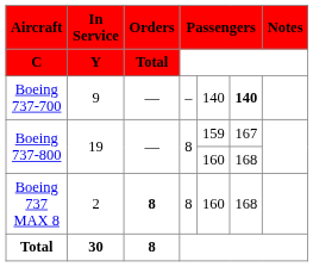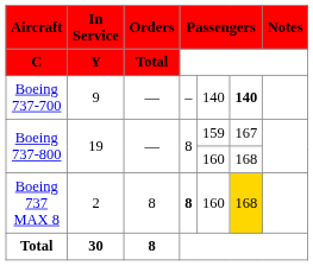 <table class="toccolours" border="1" cellpadding="5" style="border-collapse:collapse;text-align:center;margin:auto;">
 <tr style="background:red">
 <th rowspan="2"><span>Aircraft</span></th>
 <th rowspan="2" style="width:50px;"><span>In Service</span></th>
 <th rowspan="2" style="width:40px;"><span>Orders</span></th>
 <th colspan="3"><span>Passengers  </span></th>
 <th rowspan="2"><span>Notes</span></th>
 </tr>
 <tr>
 </tr>
 <tr bgcolor=red>
 <th style="width:20px;"><abbr><span>C</span></abbr></th>
 <th style="width:20px;"><abbr><span>Y</span></abbr></th>
 <th style="width:25px;"><abbr><span>Total</span></abbr></th>
 </tr>
 <tr>
 <td><a href='#'>Boeing 737-700</a></td>
 <td>9</td>
 <td>—</td>
 <td>–</td>
 <td>140</td>
 <td><strong>140</strong></td>
 <td></td>
 </tr>
 <tr>
 <td rowspan="2"><a href='#'>Boeing 737-800</a></td>
 <td rowspan="2">19</td>
 <td rowspan="2">—</td>
 <td rowspan="2">8</td>
 <td>159</td>
 <td>167</td>
 <td rowspan="2"></td>
 </tr>
 <tr>
 <td>160</td>
 <td>168</td>
 </tr>
 <tr>
 <td><a href='#'>Boeing 737 MAX 8</a></td>
 <td>2</td>
+<td>8</td>
 <td><strong>8</strong></td>
-<td>8</td>
 <td>160</td>
-<td>168</td>
+<td style="background: gold;">168</td>
 <td></td>
 </tr>
 <tr>
 <td><strong>Total</strong></td>
 <td><strong>30</strong></td>
 <td><strong>8</strong></td>
 <td colspan=4></td>
 </tr>
 </table>
